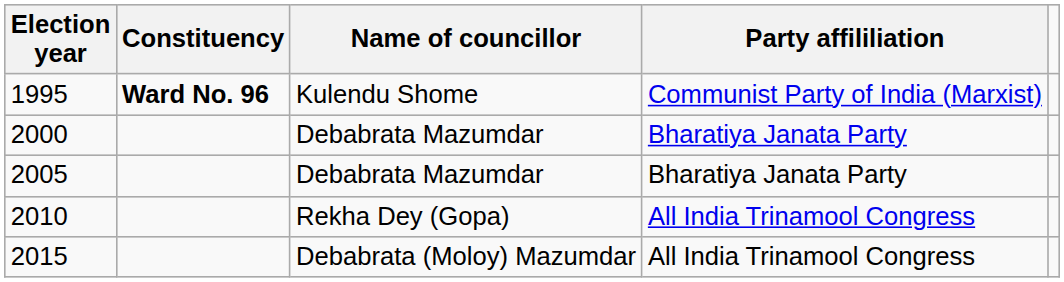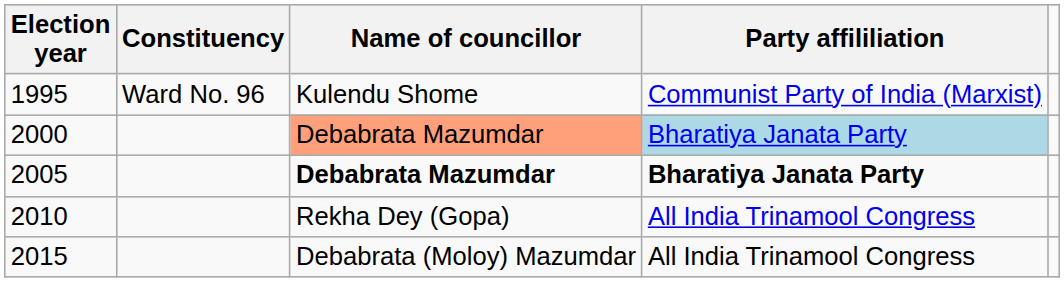 <table class="wikitable"ìÍĦĤĠčw>
 <tr>
 <th>Election<br> year</th>
 <th>Constituency</th>
 <th>Name of councillor</th>
 <th>Party affililiation</th>
 </tr>
 <tr>
 <td>1995</td>
-<td><strong>Ward No. 96</strong></td>
+<td>Ward No. 96</td>
 <td>Kulendu Shome</td>
 <td><a href='#'>Communist Party of India (Marxist)</a></td>
 <td></td>
 </tr>
 <tr>
 <td>2000</td>
 <td></td>
-<td>Debabrata Mazumdar</td>
-<td><a href='#'>Bharatiya Janata Party</a></td>
+<td style="background: lightsalmon;">Debabrata Mazumdar</td>
+<td style="background: lightblue;"><a href='#'>Bharatiya Janata Party</a></td>
 <td></td>
 </tr>
 <tr>
 <td>2005</td>
 <td></td>
-<td>Debabrata Mazumdar</td>
-<td>Bharatiya Janata Party</td>
+<td><strong>Debabrata Mazumdar</strong></td>
+<td><strong>Bharatiya Janata Party</strong></td>
 <td></td>
 </tr>
 <tr>
 <td>2010</td>
 <td></td>
 <td>Rekha Dey (Gopa)</td>
 <td><a href='#'>All India Trinamool Congress</a></td>
 <td></td>
 </tr>
 <tr>
 <td>2015</td>
 <td></td>
 <td>Debabrata (Moloy) Mazumdar</td>
 <td>All India Trinamool Congress</td>
 <td></td>
 </tr>
 </table>
